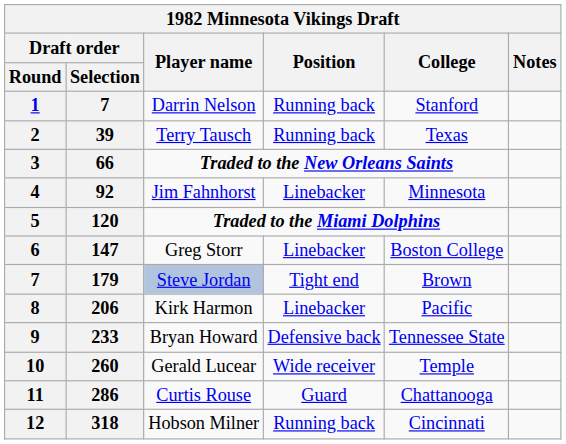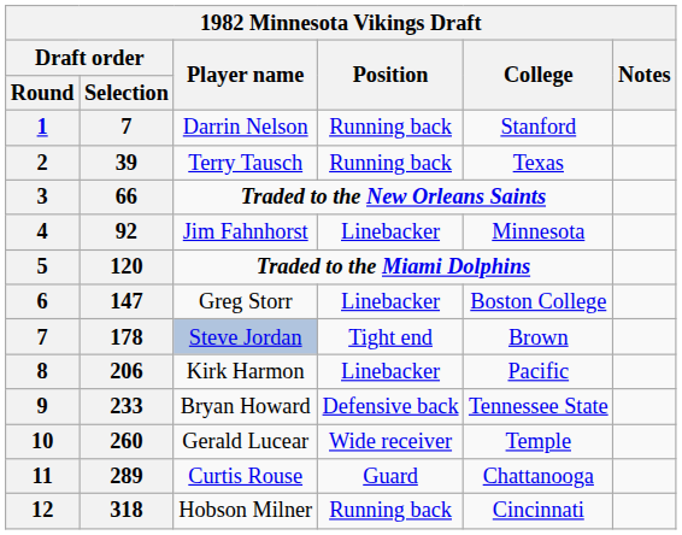 <table class="wikitable" style="text-align:center">
 <tr>
 <th colspan="6">1982 Minnesota Vikings Draft</th>
 </tr>
 <tr>
 <th colspan="2">Draft order</th>
 <th rowspan="2">Player name</th>
 <th rowspan="2">Position</th>
 <th rowspan="2">College</th>
 <th rowspan="2">Notes</th>
 </tr>
 <tr>
 <th>Round</th>
 <th>Selection</th>
 </tr>
 <tr>
 <th><a href='#'>1</a></th>
 <th>7</th>
 <td><a href='#'>Darrin Nelson</a></td>
 <td><a href='#'>Running back</a></td>
 <td><a href='#'>Stanford</a></td>
 <td></td>
 </tr>
 <tr>
 <th>2</th>
 <th>39</th>
 <td><a href='#'>Terry Tausch</a></td>
 <td><a href='#'>Running back</a></td>
 <td><a href='#'>Texas</a></td>
 <td></td>
 </tr>
 <tr>
 <th>3</th>
 <th>66</th>
 <td colspan="3"><strong><em>Traded to the <a href='#'>New Orleans Saints</a></em></strong></td>
 <td></td>
 </tr>
 <tr>
 <th>4</th>
 <th>92</th>
 <td><a href='#'>Jim Fahnhorst</a></td>
 <td><a href='#'>Linebacker</a></td>
 <td><a href='#'>Minnesota</a></td>
 <td></td>
 </tr>
 <tr>
 <th>5</th>
 <th>120</th>
 <td colspan="3"><strong><em>Traded to the <a href='#'>Miami Dolphins</a></em></strong></td>
 <td></td>
 </tr>
 <tr>
 <th>6</th>
 <th>147</th>
 <td>Greg Storr</td>
 <td><a href='#'>Linebacker</a></td>
 <td><a href='#'>Boston College</a></td>
 <td></td>
 </tr>
 <tr>
 <th>7</th>
-<th>179</th>
+<th>178</th>
 <td bgcolor=lightsteelblue><a href='#'>Steve Jordan</a></td>
 <td><a href='#'>Tight end</a></td>
 <td><a href='#'>Brown</a></td>
 <td></td>
 </tr>
 <tr>
 <th>8</th>
 <th>206</th>
 <td>Kirk Harmon</td>
 <td><a href='#'>Linebacker</a></td>
 <td><a href='#'>Pacific</a></td>
 <td></td>
 </tr>
 <tr>
 <th>9</th>
 <th>233</th>
 <td>Bryan Howard</td>
 <td><a href='#'>Defensive back</a></td>
 <td><a href='#'>Tennessee State</a></td>
 <td></td>
 </tr>
 <tr>
 <th>10</th>
 <th>260</th>
 <td>Gerald Lucear</td>
 <td><a href='#'>Wide receiver</a></td>
 <td><a href='#'>Temple</a></td>
 <td></td>
 </tr>
 <tr>
 <th>11</th>
-<th>286</th>
+<th>289</th>
 <td><a href='#'>Curtis Rouse</a></td>
 <td><a href='#'>Guard</a></td>
 <td><a href='#'>Chattanooga</a></td>
 <td></td>
 </tr>
 <tr>
 <th>12</th>
 <th>318</th>
 <td>Hobson Milner</td>
 <td><a href='#'>Running back</a></td>
 <td><a href='#'>Cincinnati</a></td>
 <td></td>
 </tr>
 </table>
